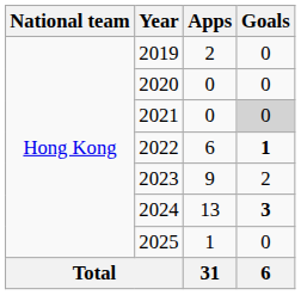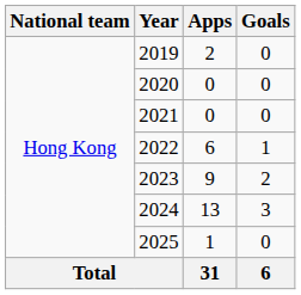 <table class="wikitable" style="text-align:center">
 <tr>
 <th>National team</th>
 <th>Year</th>
 <th>Apps</th>
 <th>Goals</th>
 </tr>
 <tr>
 <td rowspan="7"><a href='#'>Hong Kong</a></td>
 <td>2019</td>
 <td>2</td>
 <td>0</td>
 </tr>
 <tr>
 <td>2020</td>
 <td>0</td>
 <td>0</td>
 </tr>
 <tr>
 <td>2021</td>
 <td>0</td>
-<td style="background: lightgrey;">0</td>
+<td>0</td>
 </tr>
 <tr>
 <td>2022</td>
 <td>6</td>
-<td><strong>1</strong></td>
+<td>1</td>
 </tr>
 <tr>
 <td>2023</td>
 <td>9</td>
 <td>2</td>
 </tr>
 <tr>
 <td>2024</td>
 <td>13</td>
-<td><strong>3</strong></td>
+<td>3</td>
 </tr>
 <tr>
 <td>2025</td>
 <td>1</td>
 <td>0</td>
 </tr>
 <tr>
 <th colspan=2>Total</th>
 <th>31</th>
 <th>6</th>
 </tr>
 </table>
